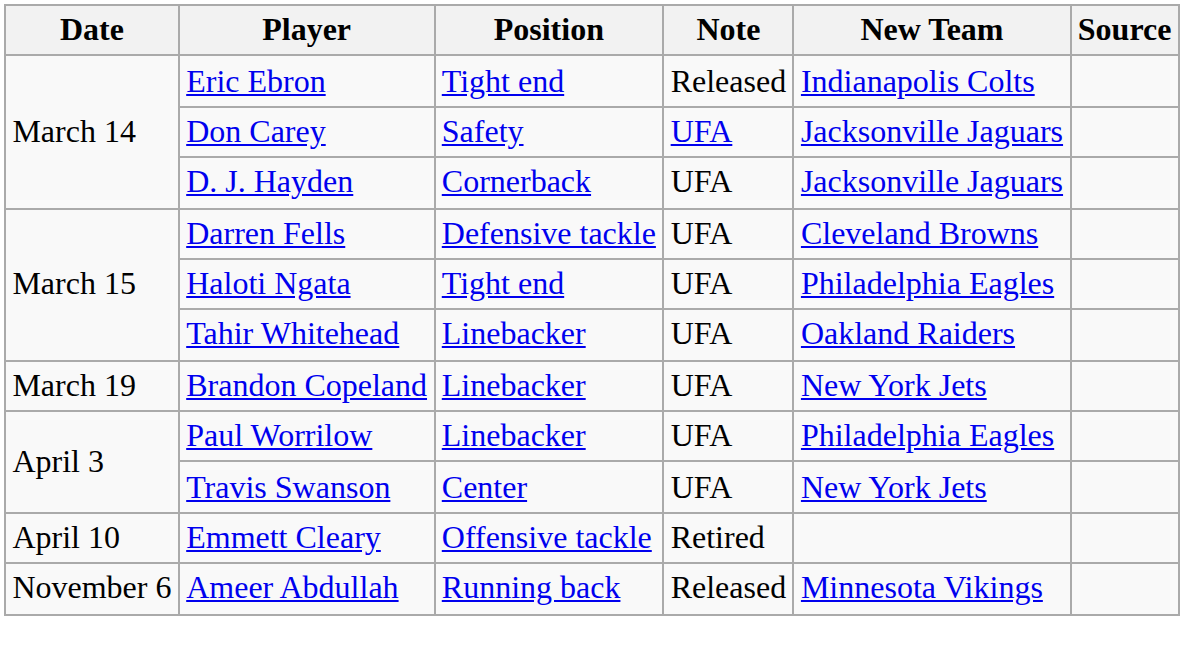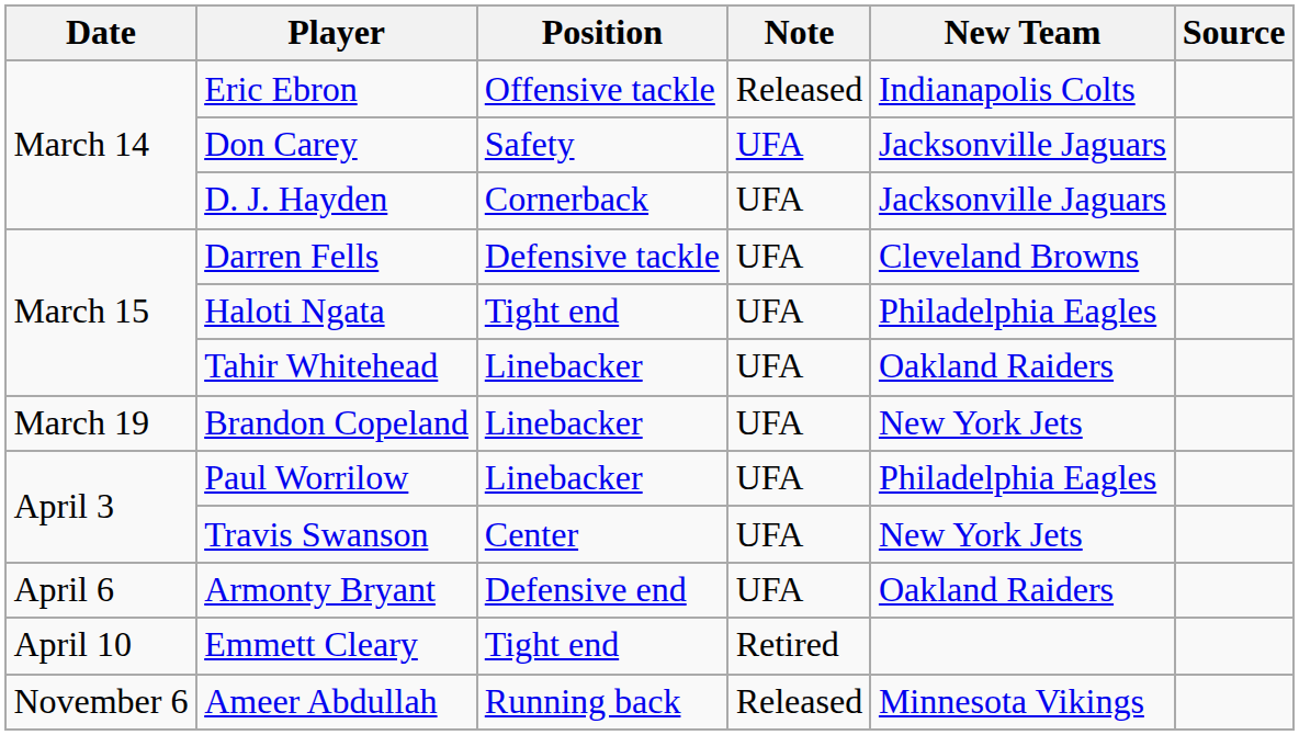 <table class="wikitable">
 <tr>
 <th>Date</th>
 <th>Player</th>
 <th>Position</th>
 <th>Note</th>
 <th>New Team</th>
 <th>Source</th>
 </tr>
 <tr>
 <td rowspan="3">March 14</td>
 <td><a href='#'>Eric Ebron</a></td>
-<td><a href='#'>Tight end</a></td>
+<td><a href='#'>Offensive tackle</a></td>
 <td>Released</td>
 <td><a href='#'>Indianapolis Colts</a></td>
 <td></td>
 </tr>
 <tr>
 <td><a href='#'>Don Carey</a></td>
 <td><a href='#'>Safety</a></td>
 <td><a href='#'>UFA</a></td>
 <td><a href='#'>Jacksonville Jaguars</a></td>
 <td></td>
 </tr>
 <tr>
 <td><a href='#'>D. J. Hayden</a></td>
 <td><a href='#'>Cornerback</a></td>
 <td>UFA</td>
 <td><a href='#'>Jacksonville Jaguars</a></td>
 <td></td>
 </tr>
 <tr>
 <td rowspan="3">March 15</td>
 <td><a href='#'>Darren Fells</a></td>
 <td><a href='#'>Defensive tackle</a></td>
 <td>UFA</td>
 <td><a href='#'>Cleveland Browns</a></td>
 <td></td>
 </tr>
 <tr>
 <td><a href='#'>Haloti Ngata</a></td>
 <td><a href='#'>Tight end</a></td>
 <td>UFA</td>
 <td><a href='#'>Philadelphia Eagles</a></td>
 <td></td>
 </tr>
 <tr>
 <td><a href='#'>Tahir Whitehead</a></td>
 <td><a href='#'>Linebacker</a></td>
 <td>UFA</td>
 <td><a href='#'>Oakland Raiders</a></td>
 <td></td>
 </tr>
 <tr>
 <td>March 19</td>
 <td><a href='#'>Brandon Copeland</a></td>
 <td><a href='#'>Linebacker</a></td>
 <td>UFA</td>
 <td><a href='#'>New York Jets</a></td>
 <td></td>
 </tr>
 <tr>
 <td rowspan="2">April 3</td>
 <td><a href='#'>Paul Worrilow</a></td>
 <td><a href='#'>Linebacker</a></td>
 <td>UFA</td>
 <td><a href='#'>Philadelphia Eagles</a></td>
 <td></td>
 </tr>
 <tr>
 <td><a href='#'>Travis Swanson</a></td>
 <td><a href='#'>Center</a></td>
 <td>UFA</td>
 <td><a href='#'>New York Jets</a></td>
 <td></td>
 </tr>
 <tr>
+<td>April 6</td>
+<td><a href='#'>Armonty Bryant</a></td>
+<td><a href='#'>Defensive end</a></td>
+<td>UFA</td>
+<td><a href='#'>Oakland Raiders</a></td>
+<td></td>
+</tr>
+<tr>
 <td>April 10</td>
 <td><a href='#'>Emmett Cleary</a></td>
-<td><a href='#'>Offensive tackle</a></td>
+<td><a href='#'>Tight end</a></td>
 <td>Retired</td>
 <td></td>
 <td></td>
 </tr>
 <tr>
 <td>November 6</td>
 <td><a href='#'>Ameer Abdullah</a></td>
 <td><a href='#'>Running back</a></td>
 <td>Released</td>
 <td><a href='#'>Minnesota Vikings</a></td>
 <td></td>
 </tr>
 </table>
